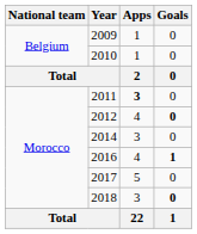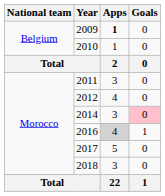 <table class="wikitable" style="text-align:center">
 <tr>
 <th>National team</th>
 <th>Year</th>
 <th>Apps</th>
 <th>Goals</th>
 </tr>
 <tr>
 <td rowspan="2"><a href='#'>Belgium</a></td>
 <td>2009</td>
-<td>1</td>
+<td><strong>1</strong></td>
 <td>0</td>
 </tr>
 <tr>
 <td>2010</td>
 <td>1</td>
 <td>0</td>
 </tr>
 <tr>
 <th colspan="2">Total</th>
 <th>2</th>
 <th>0</th>
 </tr>
 <tr>
 <td rowspan="6"><a href='#'>Morocco</a></td>
 <td>2011</td>
-<td><strong>3</strong></td>
+<td>3</td>
 <td>0</td>
 </tr>
 <tr>
 <td>2012</td>
 <td>4</td>
-<td><strong>0</strong></td>
+<td>0</td>
 </tr>
 <tr>
 <td>2014</td>
 <td>3</td>
-<td>0</td>
+<td style="background: pink;">0</td>
 </tr>
 <tr>
 <td>2016</td>
-<td>4</td>
-<td><strong>1</strong></td>
+<td style="background: lightgrey;">4</td>
+<td>1</td>
 </tr>
 <tr>
 <td>2017</td>
 <td>5</td>
 <td>0</td>
 </tr>
 <tr>
 <td>2018</td>
 <td>3</td>
-<td><strong>0</strong></td>
+<td>0</td>
 </tr>
 <tr>
 <th colspan="2">Total</th>
 <th>22</th>
 <th>1</th>
 </tr>
 </table>
